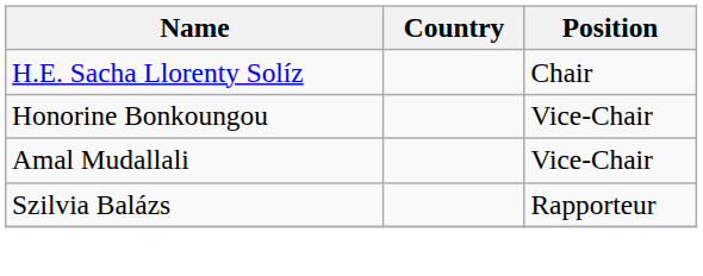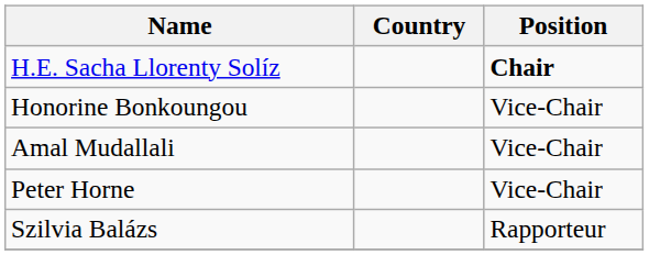 <table class="wikitable" style="display: inline-table; width: 45%">
 <tr>
 <th>Name</th>
 <th>Country</th>
 <th>Position</th>
 </tr>
 <tr>
 <td><a href='#'>H.E. Sacha Llorenty Solíz</a></td>
 <td></td>
-<td>Chair</td>
+<td><strong>Chair</strong></td>
 </tr>
 <tr>
 <td>Honorine Bonkoungou</td>
 <td></td>
 <td>Vice-Chair</td>
 </tr>
 <tr>
 <td>Amal Mudallali</td>
 <td></td>
 <td>Vice-Chair</td>
 </tr>
 <tr>
+<td>Peter Horne</td>
+<td></td>
+<td>Vice-Chair</td>
+</tr>
+<tr>
 <td>Szilvia Balázs</td>
 <td></td>
 <td>Rapporteur</td>
 </tr>
 <tr>
 </tr>
 </table>
